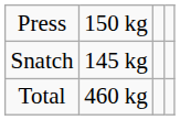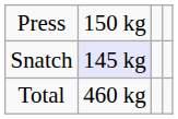 <table class = "wikitable" style="text-align:center;">
 <tr>
 <td>Press</td>
 <td>150 kg</td>
 <td align=left><br></td>
 <td></td>
 </tr>
 <tr>
 <td>Snatch</td>
-<td>145 kg</td>
+<td style="background: lavender;">145 kg</td>
 <td align=left></td>
 <td></td>
 </tr>
 <tr>
 <td>Total</td>
 <td>460 kg</td>
 <td align=left></td>
 <td></td>
 </tr>
 </table>
